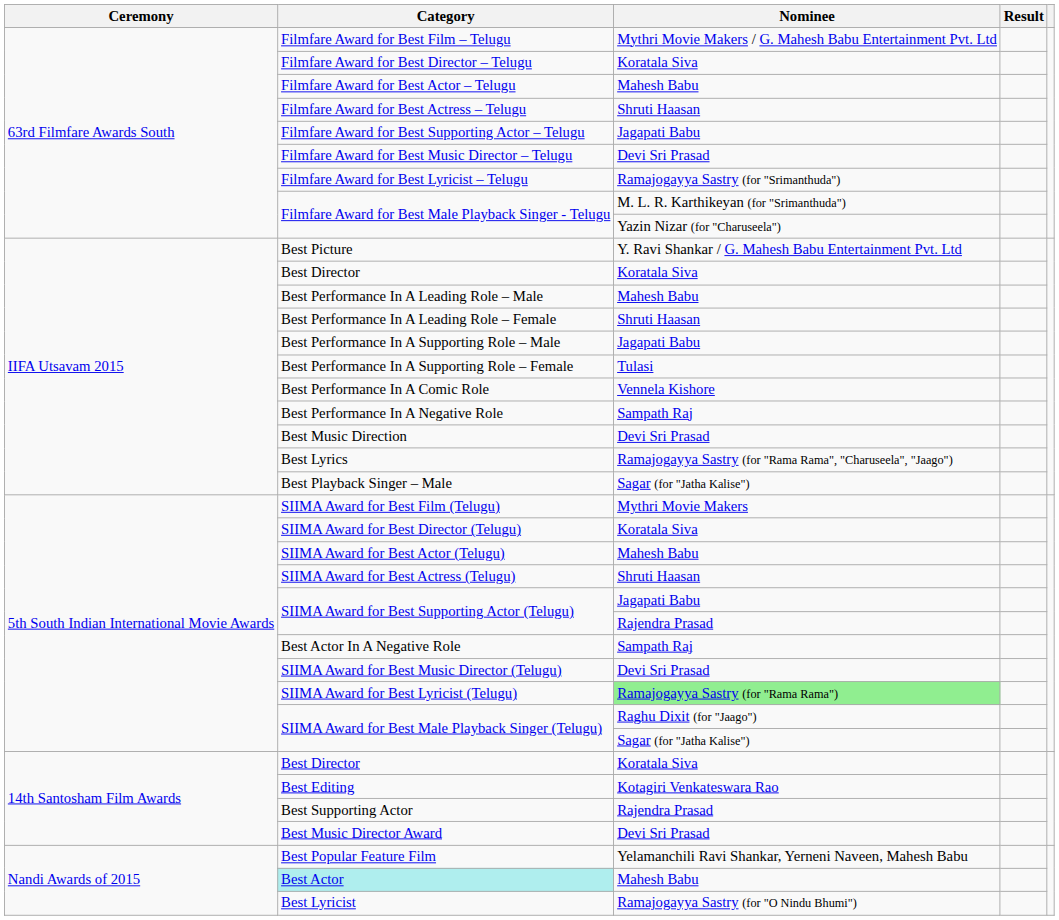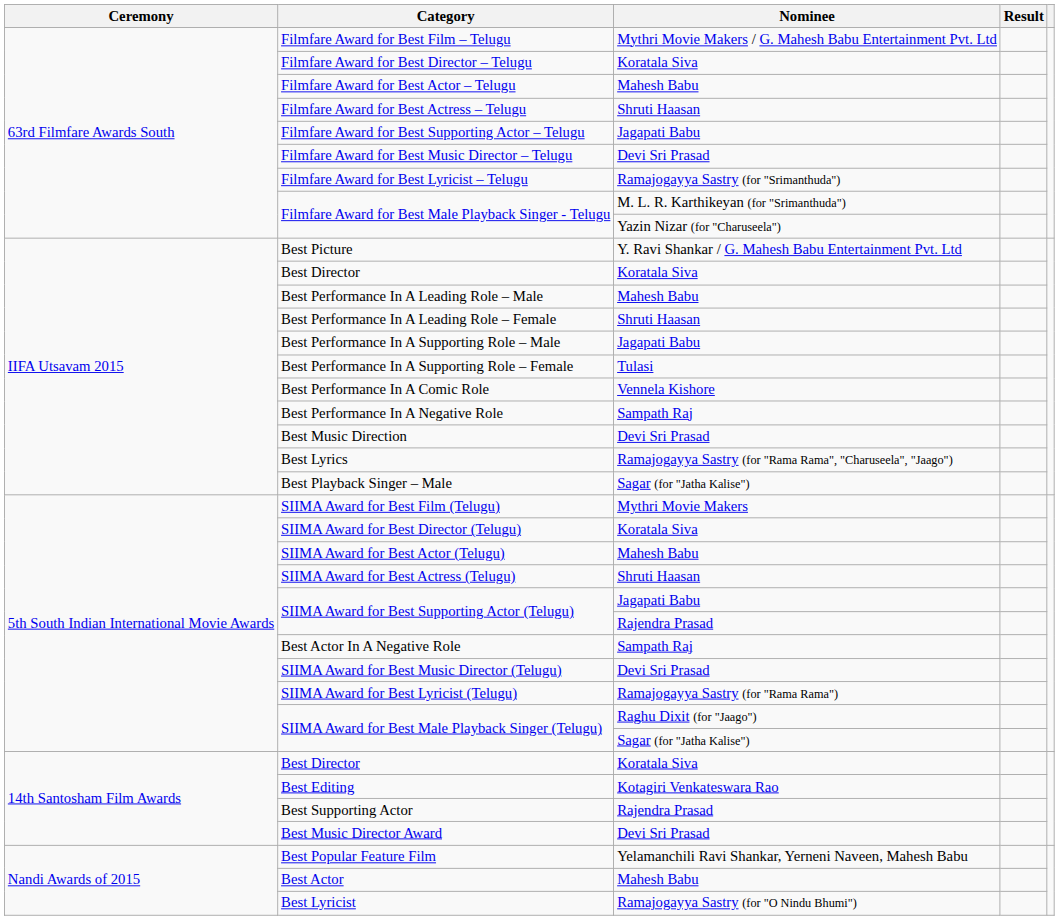 <table class="wikitable">
 <tr>
 <th>Ceremony</th>
 <th>Category</th>
 <th>Nominee</th>
 <th>Result</th>
 <th></th>
 </tr>
 <tr>
 <td rowspan="9"><a href='#'>63rd Filmfare Awards South</a></td>
 <td><a href='#'>Filmfare Award for Best Film – Telugu</a></td>
 <td><a href='#'>Mythri Movie Makers</a> / <a href='#'>G. Mahesh Babu Entertainment Pvt. Ltd</a></td>
 <td></td>
 <td rowspan="9"><br></td>
 </tr>
 <tr>
 <td><a href='#'>Filmfare Award for Best Director – Telugu</a></td>
 <td><a href='#'>Koratala Siva</a></td>
 <td></td>
 </tr>
 <tr>
 <td><a href='#'>Filmfare Award for Best Actor – Telugu</a></td>
 <td><a href='#'>Mahesh Babu</a></td>
 <td></td>
 </tr>
 <tr>
 <td><a href='#'>Filmfare Award for Best Actress – Telugu</a></td>
 <td><a href='#'>Shruti Haasan</a></td>
 <td></td>
 </tr>
 <tr>
 <td><a href='#'>Filmfare Award for Best Supporting Actor – Telugu</a></td>
 <td><a href='#'>Jagapati Babu</a></td>
 <td></td>
 </tr>
 <tr>
 <td><a href='#'>Filmfare Award for Best Music Director – Telugu</a></td>
 <td><a href='#'>Devi Sri Prasad</a></td>
 <td></td>
 </tr>
 <tr>
 <td><a href='#'>Filmfare Award for Best Lyricist – Telugu</a></td>
 <td><a href='#'>Ramajogayya Sastry</a> <small>(for "Srimanthuda")</small></td>
 <td></td>
 </tr>
 <tr>
 <td rowspan="2"><a href='#'>Filmfare Award for Best Male Playback Singer - Telugu</a></td>
 <td>M. L. R. Karthikeyan <small>(for "Srimanthuda")</small></td>
 <td></td>
 </tr>
 <tr>
 <td>Yazin Nizar <small>(for "Charuseela")</small></td>
 <td></td>
 </tr>
 <tr>
 <td rowspan="11"><a href='#'>IIFA Utsavam 2015</a></td>
 <td>Best Picture</td>
 <td>Y. Ravi Shankar / <a href='#'>G. Mahesh Babu Entertainment Pvt. Ltd</a></td>
 <td></td>
 <td rowspan="11"><br></td>
 </tr>
 <tr>
 <td>Best Director</td>
 <td><a href='#'>Koratala Siva</a></td>
 <td></td>
 </tr>
 <tr>
 <td>Best Performance In A Leading Role – Male</td>
 <td><a href='#'>Mahesh Babu</a></td>
 <td></td>
 </tr>
 <tr>
 <td>Best Performance In A Leading Role – Female</td>
 <td><a href='#'>Shruti Haasan</a></td>
 <td></td>
 </tr>
 <tr>
 <td>Best Performance In A Supporting Role – Male</td>
 <td><a href='#'>Jagapati Babu</a></td>
 <td></td>
 </tr>
 <tr>
 <td>Best Performance In A Supporting Role – Female</td>
 <td><a href='#'>Tulasi</a></td>
 <td></td>
 </tr>
 <tr>
 <td>Best Performance In A Comic Role</td>
 <td><a href='#'>Vennela Kishore</a></td>
 <td></td>
 </tr>
 <tr>
 <td>Best Performance In A Negative Role</td>
 <td><a href='#'>Sampath Raj</a></td>
 <td></td>
 </tr>
 <tr>
 <td>Best Music Direction</td>
 <td><a href='#'>Devi Sri Prasad</a></td>
 <td></td>
 </tr>
 <tr>
 <td>Best Lyrics</td>
 <td><a href='#'>Ramajogayya Sastry</a> <small>(for "Rama Rama", "Charuseela", "Jaago")</small></td>
 <td></td>
 </tr>
 <tr>
 <td>Best Playback Singer – Male</td>
 <td><a href='#'>Sagar</a> <small>(for "Jatha Kalise")</small></td>
 <td></td>
 </tr>
 <tr>
 <td rowspan="11"><a href='#'>5th South Indian International Movie Awards</a></td>
 <td><a href='#'>SIIMA Award for Best Film (Telugu)</a></td>
 <td><a href='#'>Mythri Movie Makers</a></td>
 <td></td>
 <td rowspan="11"></td>
 </tr>
 <tr>
 <td><a href='#'>SIIMA Award for Best Director (Telugu)</a></td>
 <td><a href='#'>Koratala Siva</a></td>
 <td></td>
 </tr>
 <tr>
 <td><a href='#'>SIIMA Award for Best Actor (Telugu)</a></td>
 <td><a href='#'>Mahesh Babu</a></td>
 <td></td>
 </tr>
 <tr>
 <td><a href='#'>SIIMA Award for Best Actress (Telugu)</a></td>
 <td><a href='#'>Shruti Haasan</a></td>
 <td></td>
 </tr>
 <tr>
 <td rowspan="2"><a href='#'>SIIMA Award for Best Supporting Actor (Telugu)</a></td>
 <td><a href='#'>Jagapati Babu</a></td>
 <td></td>
 </tr>
 <tr>
 <td><a href='#'>Rajendra Prasad</a></td>
 <td></td>
 </tr>
 <tr>
 <td>Best Actor In A Negative Role</td>
 <td><a href='#'>Sampath Raj</a></td>
 <td></td>
 </tr>
 <tr>
 <td><a href='#'>SIIMA Award for Best Music Director (Telugu)</a></td>
 <td><a href='#'>Devi Sri Prasad</a></td>
 <td></td>
 </tr>
 <tr>
 <td><a href='#'>SIIMA Award for Best Lyricist (Telugu)</a></td>
-<td style="background: lightgreen;"><a href='#'>Ramajogayya Sastry</a> <small>(for "Rama Rama")</small></td>
+<td><a href='#'>Ramajogayya Sastry</a> <small>(for "Rama Rama")</small></td>
 <td></td>
 </tr>
 <tr>
 <td rowspan="2"><a href='#'>SIIMA Award for Best Male Playback Singer (Telugu)</a></td>
 <td><a href='#'>Raghu Dixit</a> <small>(for "Jaago")</small></td>
 <td></td>
 </tr>
 <tr>
 <td><a href='#'>Sagar</a> <small>(for "Jatha Kalise")</small></td>
 <td></td>
 </tr>
 <tr>
 <td rowspan="4"><a href='#'>14th Santosham Film Awards</a></td>
 <td><a href='#'>Best Director</a></td>
 <td><a href='#'>Koratala Siva</a></td>
 <td></td>
 <td rowspan="4"></td>
 </tr>
 <tr>
 <td><a href='#'>Best Editing</a></td>
 <td><a href='#'>Kotagiri Venkateswara Rao</a></td>
 <td></td>
 </tr>
 <tr>
 <td>Best Supporting Actor</td>
 <td><a href='#'>Rajendra Prasad</a></td>
 <td></td>
 </tr>
 <tr>
 <td><a href='#'>Best Music Director Award</a></td>
 <td><a href='#'>Devi Sri Prasad</a></td>
 <td></td>
 </tr>
 <tr>
 <td rowspan="3"><a href='#'>Nandi Awards of 2015</a></td>
 <td><a href='#'>Best Popular Feature Film</a></td>
 <td>Yelamanchili Ravi Shankar, Yerneni Naveen, Mahesh Babu</td>
 <td></td>
 <td rowspan="3"></td>
 </tr>
 <tr>
-<td style="background: paleturquoise;"><a href='#'>Best Actor</a></td>
+<td><a href='#'>Best Actor</a></td>
 <td><a href='#'>Mahesh Babu</a></td>
 <td></td>
 </tr>
 <tr>
 <td><a href='#'>Best Lyricist</a></td>
 <td><a href='#'>Ramajogayya Sastry</a> <small>(for "O Nindu Bhumi")</small></td>
 <td></td>
 </tr>
 </table>
